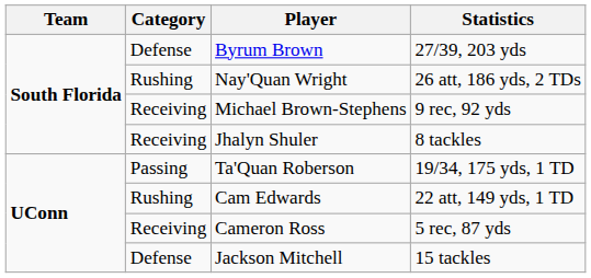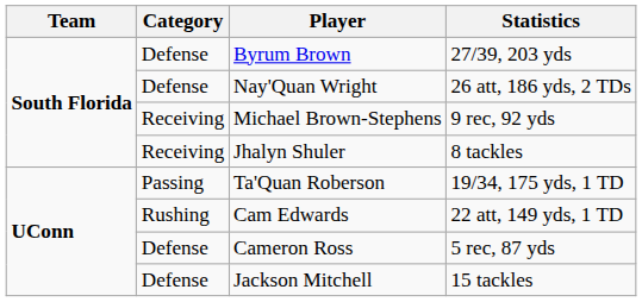 <table class="wikitable" style="float: right;">
 <tr>
 <th>Team</th>
 <th>Category</th>
 <th>Player</th>
 <th>Statistics</th>
 </tr>
 <tr>
 <td rowspan=4><strong>South Florida</strong></td>
 <td>Defense</td>
 <td><a href='#'>Byrum Brown</a></td>
 <td>27/39, 203 yds</td>
 </tr>
 <tr>
-<td>Rushing</td>
+<td>Defense</td>
 <td>Nay'Quan Wright</td>
 <td>26 att, 186 yds, 2 TDs</td>
 </tr>
 <tr>
 <td>Receiving</td>
 <td>Michael Brown-Stephens</td>
 <td>9 rec, 92 yds</td>
 </tr>
 <tr>
 <td>Receiving</td>
 <td>Jhalyn Shuler</td>
 <td>8 tackles</td>
 </tr>
 <tr>
 <td rowspan=4><strong>UConn</strong></td>
 <td>Passing</td>
 <td>Ta'Quan Roberson</td>
 <td>19/34, 175 yds, 1 TD</td>
 </tr>
 <tr>
 <td>Rushing</td>
 <td>Cam Edwards</td>
 <td>22 att, 149 yds, 1 TD</td>
 </tr>
 <tr>
-<td>Receiving</td>
+<td>Defense</td>
 <td>Cameron Ross</td>
 <td>5 rec, 87 yds</td>
 </tr>
 <tr>
 <td>Defense</td>
 <td>Jackson Mitchell</td>
 <td>15 tackles</td>
 </tr>
 </table>
